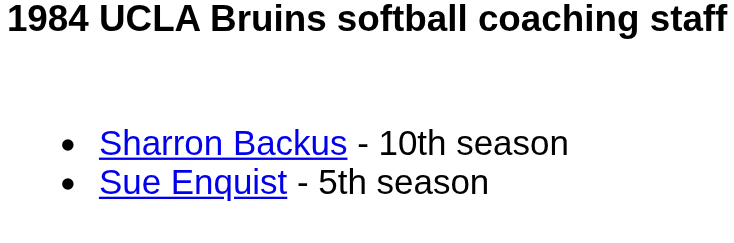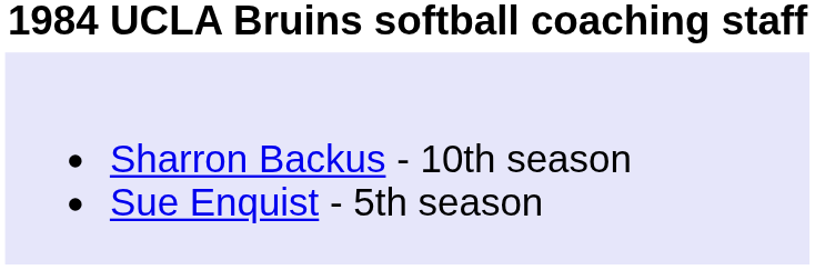 <table class="toccolours">
 <tr>
 <th colspan=9>1984 UCLA Bruins softball coaching staff</th>
 </tr>
 <tr>
-<td style="text-align: left; font-size: 95%;" valign="top"><br><ul><li><a href='#'>Sharron Backus</a> - 10th season</li><li><a href='#'>Sue Enquist</a> - 5th season</li></ul></td>
+<td style="background: lavender; text-align: left; font-size: 95%;" valign="top"><br><ul><li><a href='#'>Sharron Backus</a> - 10th season</li><li><a href='#'>Sue Enquist</a> - 5th season</li></ul></td>
 </tr>
 </table>
